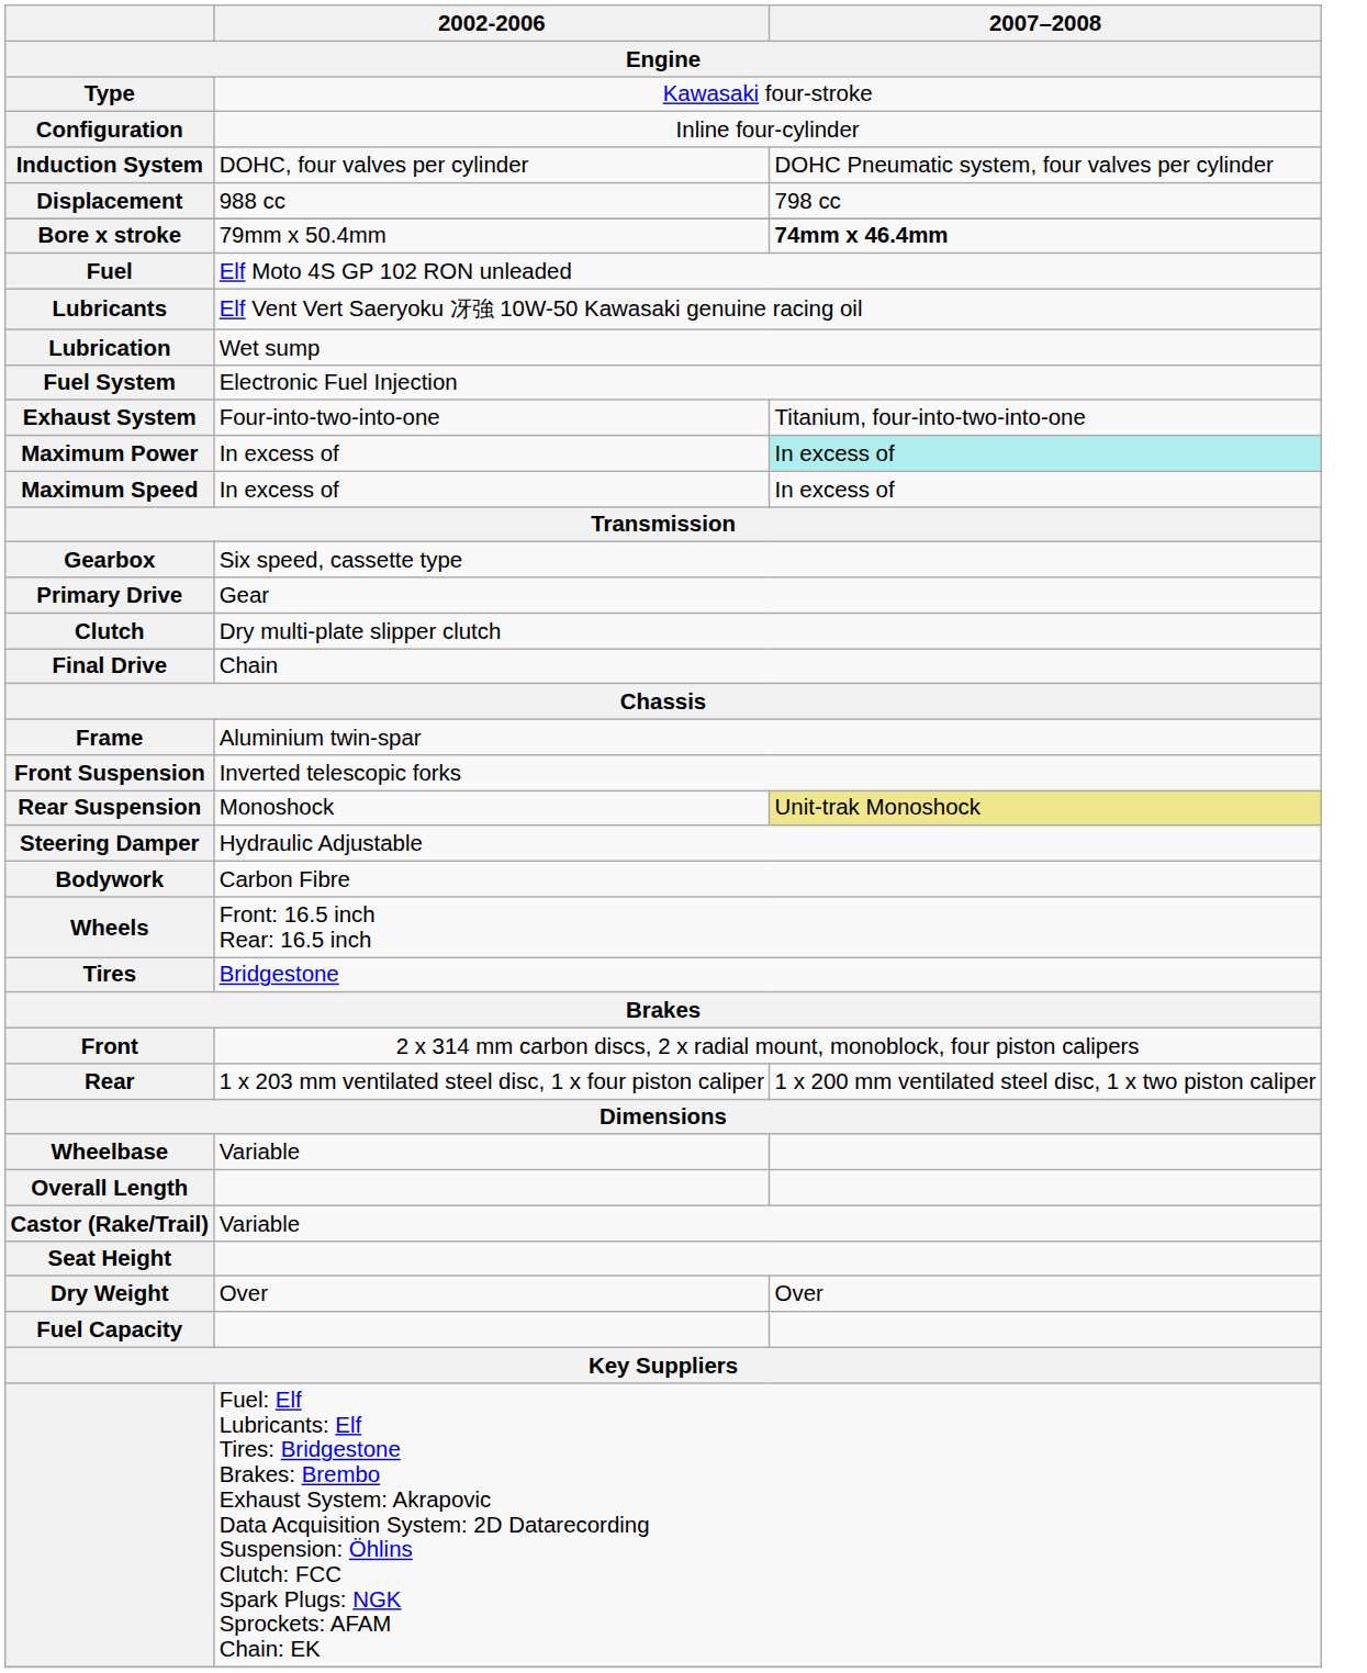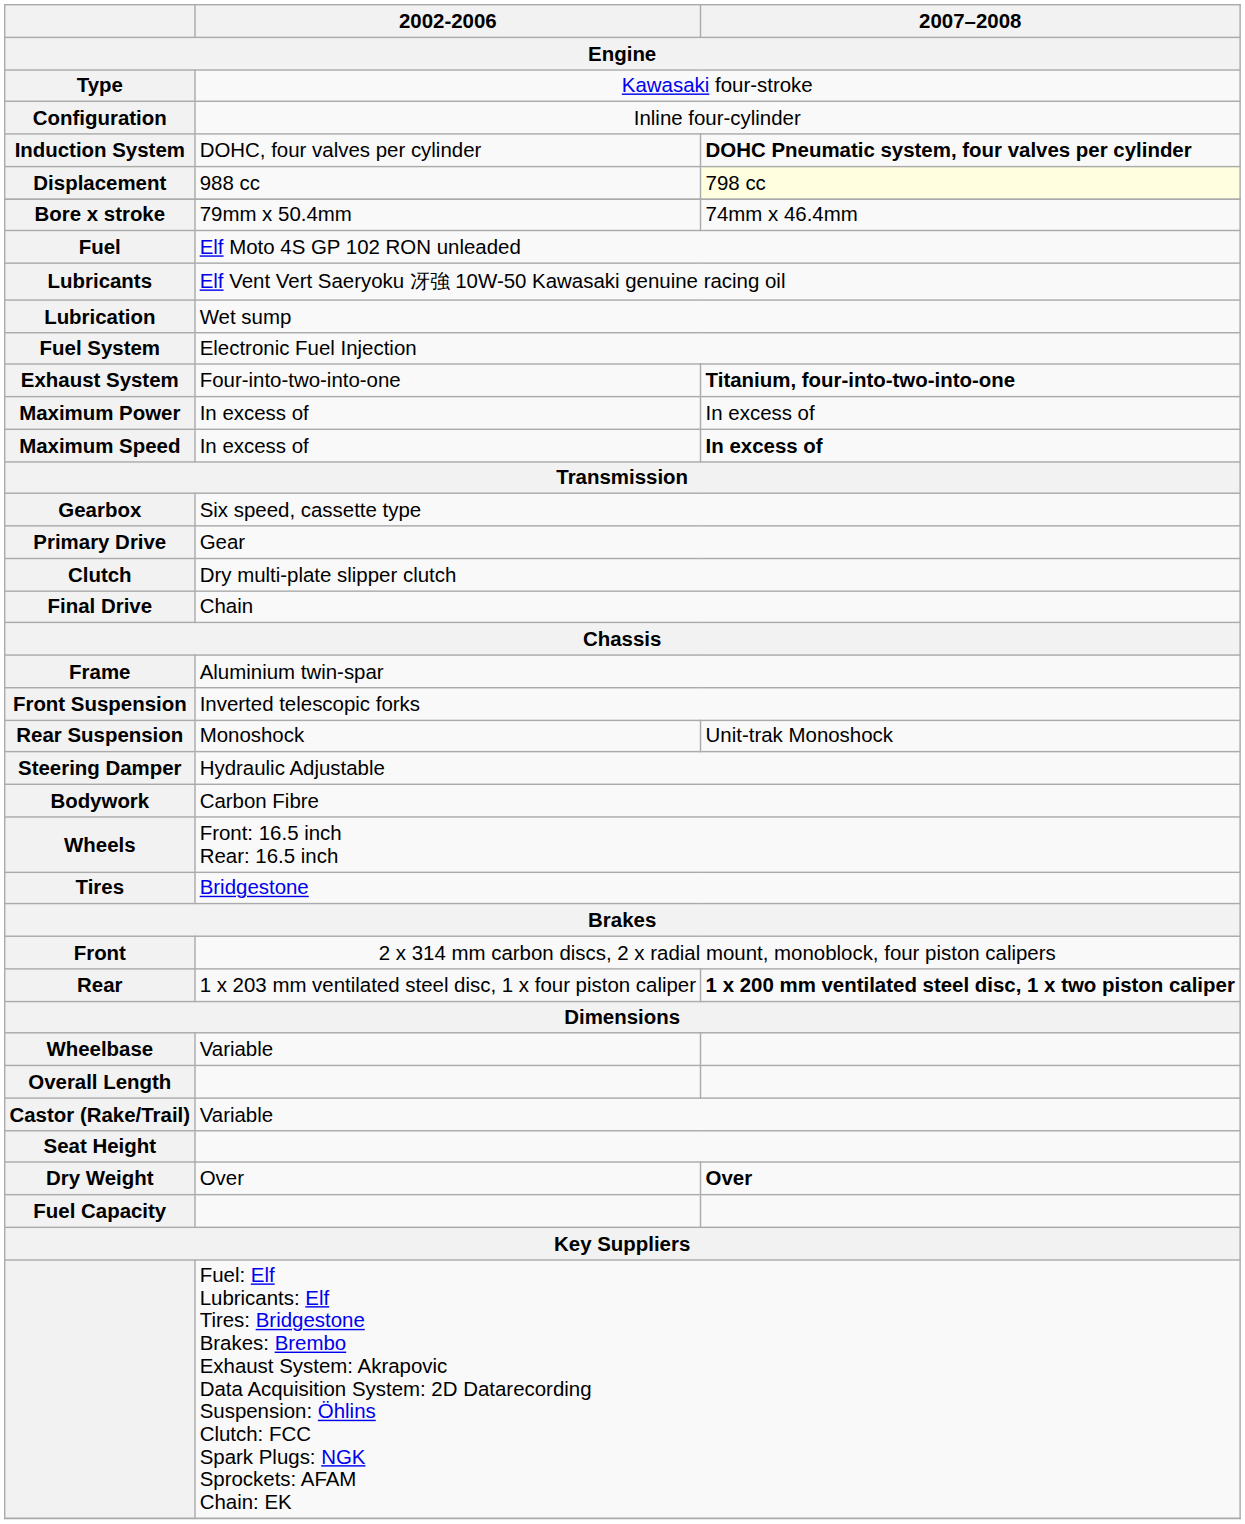 <table class="wikitable" style="font-size:90%; textalign:center;">
 <tr zx>
 <th></th>
 <th>2002-2006</th>
 <th>2007–2008</th>
 </tr>
 <tr>
 <th colspan=3>Engine</th>
 </tr>
 <tr>
 <th>Type</th>
 <td colspan=2 align="center"><a href='#'>Kawasaki</a> four-stroke</td>
 </tr>
 <tr>
 <th>Configuration</th>
 <td colspan=2 align="center">Inline four-cylinder</td>
 </tr>
 <tr>
 <th>Induction System</th>
 <td>DOHC, four valves per cylinder</td>
-<td>DOHC Pneumatic system, four valves per cylinder</td>
+<td><strong>DOHC Pneumatic system, four valves per cylinder</strong></td>
 </tr>
 <tr>
 <th>Displacement</th>
 <td>988 cc</td>
-<td>798 cc</td>
+<td style="background: lightyellow;">798 cc</td>
 </tr>
 <tr>
 </tr>
 <tr>
 <th>Bore x stroke</th>
 <td>79mm x 50.4mm</td>
-<td><strong>74mm x 46.4mm</strong></td>
+<td>74mm x 46.4mm</td>
 </tr>
 <tr>
 <th>Fuel</th>
 <td colspan=2><a href='#'>Elf</a> Moto 4S GP 102 RON unleaded</td>
 </tr>
 <tr>
 <th>Lubricants</th>
 <td colspan=2><a href='#'>Elf</a> Vent Vert Saeryoku 冴強 10W-50 Kawasaki genuine racing oil</td>
 </tr>
 <tr>
 <th>Lubrication</th>
 <td colspan=2>Wet sump</td>
 </tr>
 <tr>
 <th>Fuel System</th>
 <td colspan=2>Electronic Fuel Injection</td>
 </tr>
 <tr>
 <th>Exhaust System</th>
 <td>Four-into-two-into-one</td>
-<td>Titanium, four-into-two-into-one</td>
+<td><strong>Titanium, four-into-two-into-one</strong></td>
 </tr>
 <tr>
 <th>Maximum Power</th>
 <td>In excess of </td>
-<td style="background: paleturquoise;">In excess of </td>
+<td>In excess of </td>
 </tr>
 <tr>
 <th>Maximum Speed</th>
 <td>In excess of </td>
-<td>In excess of </td>
+<td><strong>In excess of </strong></td>
 </tr>
 <tr>
 <th colspan=3>Transmission</th>
 </tr>
 <tr>
 <th>Gearbox</th>
 <td colspan=2>Six speed, cassette type</td>
 </tr>
 <tr>
 <th>Primary Drive</th>
 <td colspan=2>Gear</td>
 </tr>
 <tr>
 <th>Clutch</th>
 <td colspan=2>Dry multi-plate slipper clutch</td>
 </tr>
 <tr>
 <th>Final Drive</th>
 <td colspan=2>Chain</td>
 </tr>
 <tr>
 <th colspan=3>Chassis</th>
 </tr>
 <tr>
 <th>Frame</th>
 <td colspan=2>Aluminium twin-spar</td>
 </tr>
 <tr>
 <th>Front Suspension</th>
 <td colspan=2>Inverted telescopic forks</td>
 </tr>
 <tr>
 <th>Rear Suspension</th>
 <td>Monoshock</td>
-<td style="background: khaki;">Unit-trak Monoshock</td>
+<td>Unit-trak Monoshock</td>
 </tr>
 <tr>
 <th>Steering Damper</th>
 <td colspan=2>Hydraulic Adjustable</td>
 </tr>
 <tr>
 <th>Bodywork</th>
 <td colspan=2>Carbon Fibre</td>
 </tr>
 <tr>
 <th>Wheels</th>
 <td colspan=2>Front: 16.5 inch<br>Rear: 16.5 inch</td>
 </tr>
 <tr>
 <th>Tires</th>
 <td colspan=2><a href='#'>Bridgestone</a></td>
 </tr>
 <tr>
 <th colspan=3>Brakes</th>
 </tr>
 <tr>
 <th>Front</th>
 <td colspan=2 align="center">2 x 314 mm carbon discs, 2 x radial mount, monoblock, four piston calipers</td>
 </tr>
 <tr>
 <th>Rear</th>
 <td>1 x 203 mm ventilated steel disc, 1 x four piston caliper</td>
-<td>1 x 200 mm ventilated steel disc, 1 x two piston caliper</td>
+<td><strong>1 x 200 mm ventilated steel disc, 1 x two piston caliper</strong></td>
 </tr>
 <tr>
 <th colspan=3>Dimensions</th>
 </tr>
 <tr>
 <th>Wheelbase</th>
 <td>Variable</td>
 <td></td>
 </tr>
 <tr>
 <th>Overall Length</th>
 <td></td>
 <td></td>
 </tr>
 <tr>
 <th>Castor (Rake/Trail)</th>
 <td colspan=2>Variable</td>
 </tr>
 <tr>
 <th>Seat Height</th>
 <td colspan=2></td>
 </tr>
 <tr>
 <th>Dry Weight</th>
 <td>Over </td>
-<td>Over </td>
+<td><strong>Over </strong></td>
 </tr>
 <tr>
 <th>Fuel Capacity</th>
 <td></td>
 <td></td>
 </tr>
 <tr>
 <th colspan=3>Key Suppliers</th>
 </tr>
 <tr>
 <th></th>
 <td colspan=2 align="left">Fuel: <a href='#'>Elf</a> <br>Lubricants: <a href='#'>Elf</a> <br>Tires: <a href='#'>Bridgestone</a><br>Brakes: <a href='#'>Brembo</a><br>Exhaust System: Akrapovic<br>Data Acquisition System: 2D Datarecording<br>Suspension: <a href='#'>Öhlins</a><br>Clutch: FCC<br>Spark Plugs: <a href='#'>NGK</a><br>Sprockets: AFAM<br>Chain: EK</td>
 </tr>
 <tr>
 </tr>
 </table>
